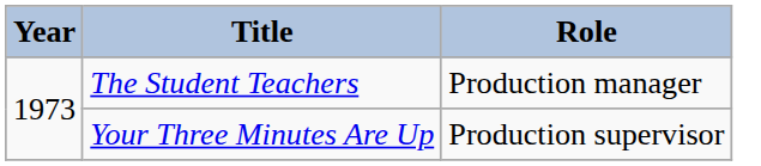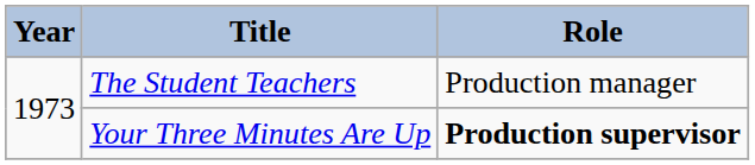 <table class="wikitable" style="font-size:95%;">
 <tr>
 <th style="background:#B0C4DE;">Year</th>
 <th style="background:#B0C4DE;">Title</th>
 <th style="background:#B0C4DE;">Role</th>
 </tr>
 <tr>
 <td rowspan=2>1973</td>
 <td><em><a href='#'>The Student Teachers</a></em></td>
 <td>Production manager</td>
 </tr>
 <tr>
 <td><em><a href='#'>Your Three Minutes Are Up</a></em></td>
-<td>Production supervisor</td>
+<td><strong>Production supervisor</strong></td>
 </tr>
 </table>
